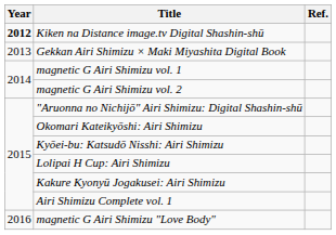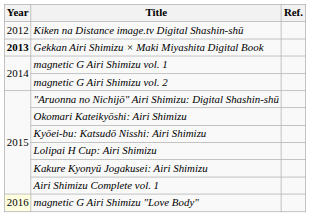 <table class="wikitable">
 <tr>
 <th>Year</th>
 <th>Title</th>
 <th>Ref.</th>
 </tr>
 <tr>
-<td><strong>2012</strong></td>
+<td>2012</td>
 <td><em>Kiken na Distance image.tv Digital Shashin-shū</em></td>
 <td></td>
 </tr>
 <tr>
-<td>2013</td>
+<td><strong>2013</strong></td>
 <td><em>Gekkan Airi Shimizu × Maki Miyashita Digital Book</em></td>
 <td></td>
 </tr>
 <tr>
 <td rowspan="2">2014</td>
 <td><em>magnetic G Airi Shimizu vol. 1</em></td>
 <td></td>
 </tr>
 <tr>
 <td><em>magnetic G Airi Shimizu vol. 2</em></td>
 <td></td>
 </tr>
 <tr>
 <td rowspan="6">2015</td>
 <td><em>"Aruonna no Nichijō" Airi Shimizu: Digital Shashin-shū</em></td>
 <td></td>
 </tr>
 <tr>
 <td><em>Okomari Kateikyōshi: Airi Shimizu</em></td>
 <td></td>
 </tr>
 <tr>
 <td><em>Kyōei-bu: Katsudō Nisshi: Airi Shimizu</em></td>
 <td></td>
 </tr>
 <tr>
 <td><em>Lolipai H Cup: Airi Shimizu</em></td>
 <td></td>
 </tr>
 <tr>
 <td><em>Kakure Kyonyū Jogakusei: Airi Shimizu</em></td>
 <td></td>
 </tr>
 <tr>
 <td><em>Airi Shimizu Complete vol. 1</em></td>
 <td></td>
 </tr>
 <tr>
-<td>2016</td>
+<td style="background: lightyellow;">2016</td>
 <td><em>magnetic G Airi Shimizu "Love Body"</em></td>
 <td></td>
 </tr>
 </table>
